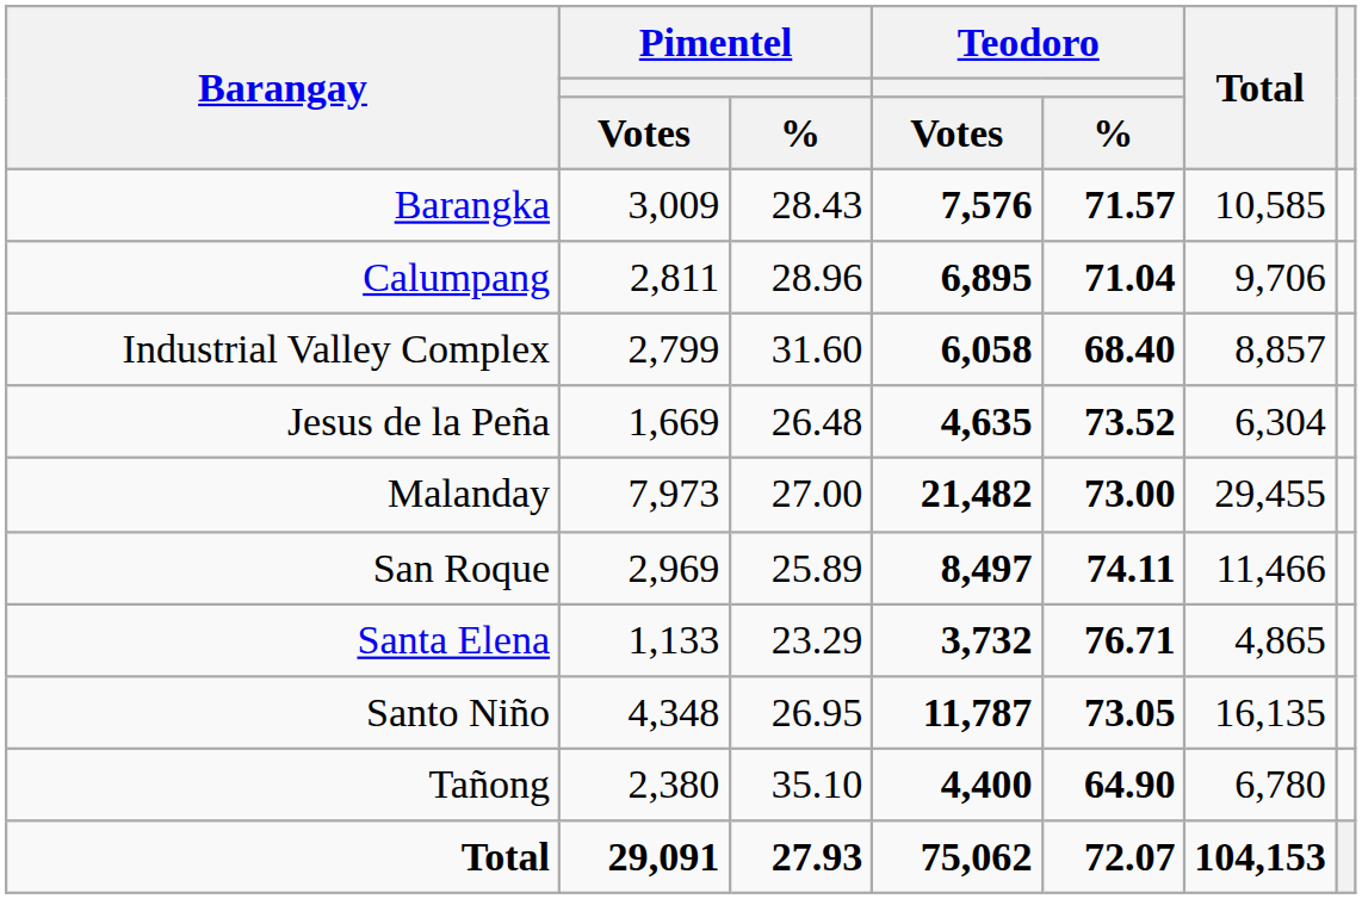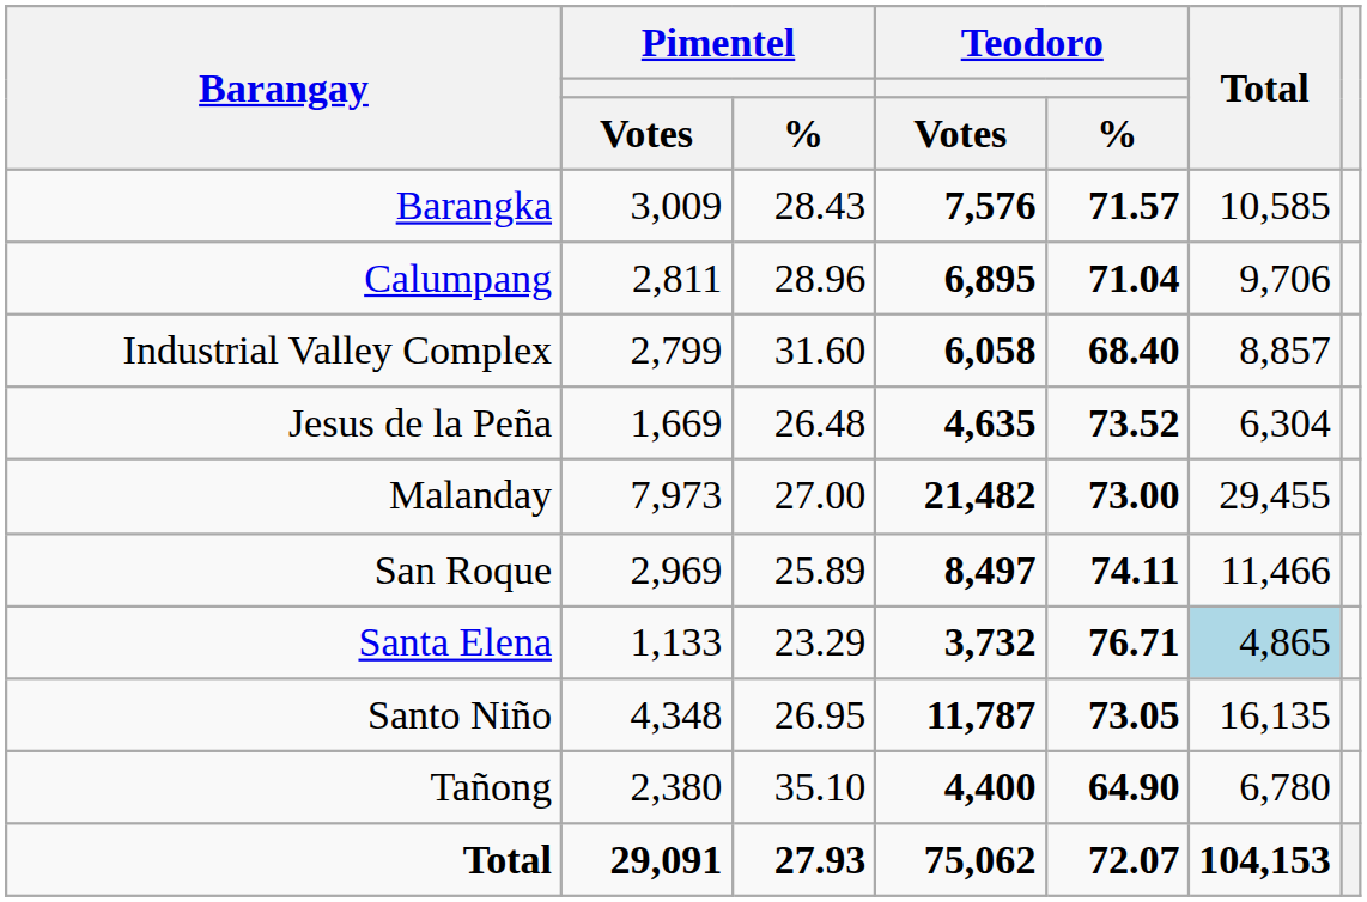 <table class="wikitable collapsible" style="text-align:right; font-size:95%; line-height:20px;">
 <tr>
 <th rowspan="3" width="200"><a href='#'>Barangay</a></th>
 <th colspan="2" width="110"><a href='#'>Pimentel</a></th>
 <th colspan="2" width="110"><a href='#'>Teodoro</a></th>
 <th rowspan="3">Total</th>
 <th rowspan="3"></th>
 </tr>
 <tr>
 <th colspan="2" style="background:"></th>
 <th colspan="2" style="background:"></th>
 </tr>
 <tr>
 <th>Votes</th>
 <th>%</th>
 <th>Votes</th>
 <th>%</th>
 </tr>
 <tr>
 <td><a href='#'>Barangka</a></td>
 <td align="right">3,009</td>
 <td align="right">28.43</td>
 <td style="background:#"><strong>7,576</strong></td>
 <td style="background:#"><strong>71.57</strong></td>
 <td align="right">10,585</td>
 <td></td>
 </tr>
 <tr>
 <td><a href='#'>Calumpang</a></td>
 <td align="right">2,811</td>
 <td align="right">28.96</td>
 <td style="background:#"><strong>6,895</strong></td>
 <td style="background:#"><strong>71.04</strong></td>
 <td align="right">9,706</td>
 <td></td>
 </tr>
 <tr>
 <td>Industrial Valley Complex</td>
 <td align="right">2,799</td>
 <td align="right">31.60</td>
 <td style="background:#"><strong>6,058</strong></td>
 <td style="background:#"><strong>68.40</strong></td>
 <td align="right">8,857</td>
 <td></td>
 </tr>
 <tr>
 <td>Jesus de la Peña</td>
 <td align="right">1,669</td>
 <td align="right">26.48</td>
 <td style="background:#"><strong>4,635</strong></td>
 <td style="background:#"><strong>73.52</strong></td>
 <td align="right">6,304</td>
 <td></td>
 </tr>
 <tr>
 <td>Malanday</td>
 <td align="right">7,973</td>
 <td align="right">27.00</td>
 <td style="background:#"><strong>21,482</strong></td>
 <td style="background:#"><strong>73.00</strong></td>
 <td align="right">29,455</td>
 <td></td>
 </tr>
 <tr>
 <td>San Roque</td>
 <td align="right">2,969</td>
 <td align="right">25.89</td>
 <td style="background:#"><strong>8,497</strong></td>
 <td style="background:#"><strong>74.11</strong></td>
 <td align="right">11,466</td>
 <td></td>
 </tr>
 <tr>
 <td><a href='#'>Santa Elena</a></td>
 <td align="right">1,133</td>
 <td align="right">23.29</td>
 <td style="background:#"><strong>3,732</strong></td>
 <td style="background:#"><strong>76.71</strong></td>
-<td align="right">4,865</td>
+<td align="right" style="background: lightblue;">4,865</td>
 <td></td>
 </tr>
 <tr>
 <td>Santo Niño</td>
 <td align="right">4,348</td>
 <td align="right">26.95</td>
 <td style="background:#"><strong>11,787</strong></td>
 <td style="background:#"><strong>73.05</strong></td>
 <td align="right">16,135</td>
 <td></td>
 </tr>
 <tr>
 <td>Tañong</td>
 <td align="right">2,380</td>
 <td align="right">35.10</td>
 <td style="background:#"><strong>4,400</strong></td>
 <td style="background:#"><strong>64.90</strong></td>
 <td align="right">6,780</td>
 <td></td>
 </tr>
 <tr>
 <td><strong>Total</strong></td>
 <td align="right"><strong>29,091</strong></td>
 <td align="right"><strong>27.93</strong></td>
 <td style="background:#"><strong>75,062</strong></td>
 <td style="background:#"><strong>72.07</strong></td>
 <td align="right"><strong>104,153</strong></td>
 <th></th>
 </tr>
 </table>
